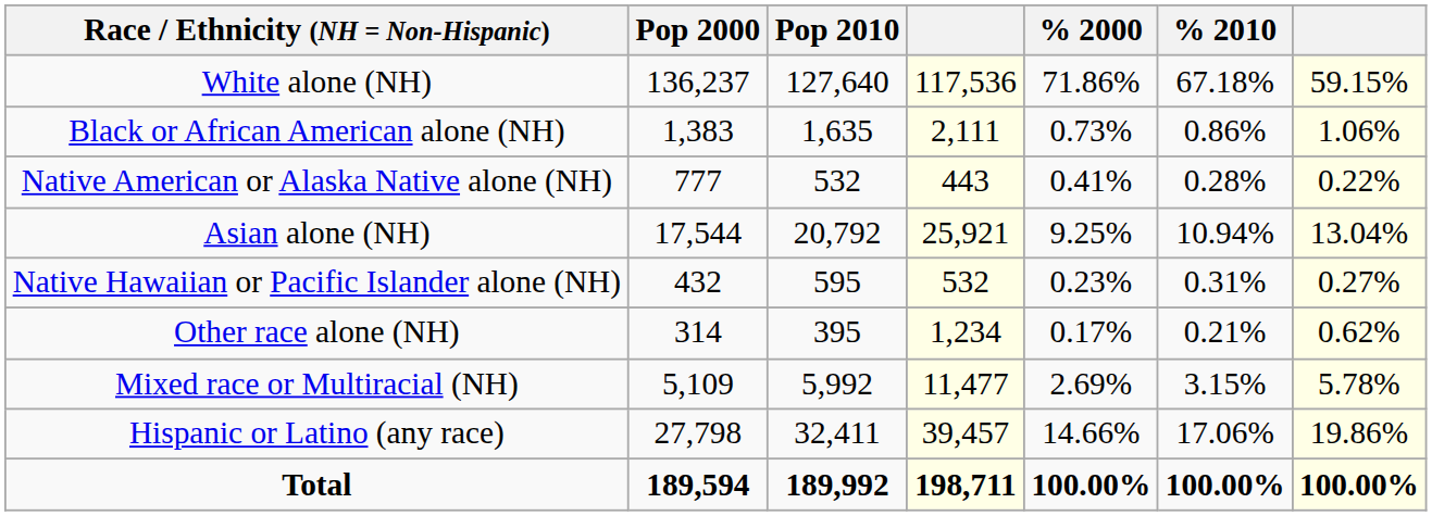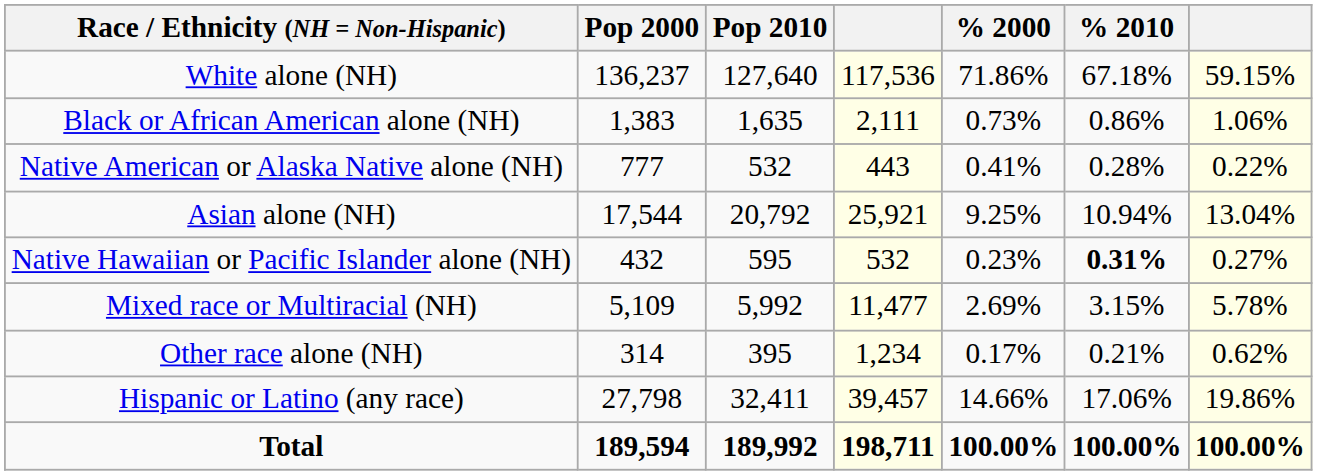 <table class="wikitable" style="text-align:center;">
 <tr>
 <th>Race / Ethnicity <small>(<em>NH = Non-Hispanic</em>)</small></th>
 <th>Pop 2000</th>
 <th>Pop 2010</th>
 <th></th>
 <th>% 2000</th>
 <th>% 2010</th>
 <th></th>
 </tr>
 <tr>
 <td><a href='#'>White</a> alone (NH)</td>
 <td>136,237</td>
 <td>127,640</td>
 <td style='background: #ffffe6;'>117,536</td>
 <td>71.86%</td>
 <td>67.18%</td>
 <td style='background: #ffffe6;'>59.15%</td>
 </tr>
 <tr>
 <td><a href='#'>Black or African American</a> alone (NH)</td>
 <td>1,383</td>
 <td>1,635</td>
 <td style='background: #ffffe6;'>2,111</td>
 <td>0.73%</td>
 <td>0.86%</td>
 <td style='background: #ffffe6;'>1.06%</td>
 </tr>
 <tr>
 <td><a href='#'>Native American</a> or <a href='#'>Alaska Native</a> alone (NH)</td>
 <td>777</td>
 <td>532</td>
 <td style='background: #ffffe6;'>443</td>
 <td>0.41%</td>
 <td>0.28%</td>
 <td style='background: #ffffe6;'>0.22%</td>
 </tr>
 <tr>
 <td><a href='#'>Asian</a> alone (NH)</td>
 <td>17,544</td>
 <td>20,792</td>
 <td style='background: #ffffe6;'>25,921</td>
 <td>9.25%</td>
 <td>10.94%</td>
 <td style='background: #ffffe6;'>13.04%</td>
 </tr>
 <tr>
 <td><a href='#'>Native Hawaiian</a> or <a href='#'>Pacific Islander</a> alone (NH)</td>
 <td>432</td>
 <td>595</td>
 <td style='background: #ffffe6;'>532</td>
 <td>0.23%</td>
-<td>0.31%</td>
+<td><strong>0.31%</strong></td>
 <td style='background: #ffffe6;'>0.27%</td>
+</tr>
+<tr>
+<td><a href='#'>Mixed race or Multiracial</a> (NH)</td>
+<td>5,109</td>
+<td>5,992</td>
+<td style='background: #ffffe6;'>11,477</td>
+<td>2.69%</td>
+<td>3.15%</td>
+<td style='background: #ffffe6;'>5.78%</td>
 </tr>
 <tr>
 <td><a href='#'>Other race</a> alone (NH)</td>
 <td>314</td>
 <td>395</td>
 <td style='background: #ffffe6;'>1,234</td>
 <td>0.17%</td>
 <td>0.21%</td>
 <td style='background: #ffffe6;'>0.62%</td>
-</tr>
-<tr>
-<td><a href='#'>Mixed race or Multiracial</a> (NH)</td>
-<td>5,109</td>
-<td>5,992</td>
-<td style='background: #ffffe6;'>11,477</td>
-<td>2.69%</td>
-<td>3.15%</td>
-<td style='background: #ffffe6;'>5.78%</td>
 </tr>
 <tr>
 <td><a href='#'>Hispanic or Latino</a> (any race)</td>
 <td>27,798</td>
 <td>32,411</td>
 <td style='background: #ffffe6;'>39,457</td>
 <td>14.66%</td>
 <td>17.06%</td>
 <td style='background: #ffffe6;'>19.86%</td>
 </tr>
 <tr>
 <td><strong>Total</strong></td>
 <td><strong>189,594</strong></td>
 <td><strong>189,992</strong></td>
 <td style='background: #ffffe6;'><strong>198,711</strong></td>
 <td><strong>100.00%</strong></td>
 <td><strong>100.00%</strong></td>
 <td style='background: #ffffe6;'><strong>100.00%</strong></td>
 </tr>
 </table>
